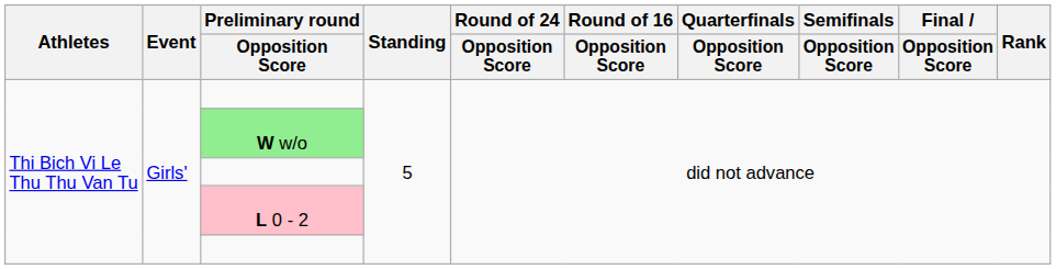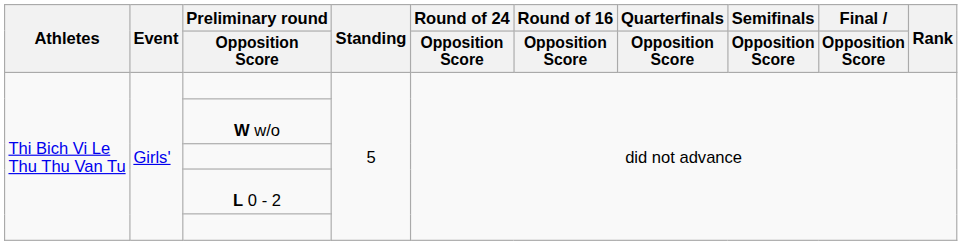 <table class=wikitable style="font-size:90%">
 <tr>
 <th rowspan="2">Athletes</th>
 <th rowspan="2">Event</th>
 <th>Preliminary round</th>
 <th rowspan="2">Standing</th>
 <th>Round of 24</th>
 <th>Round of 16</th>
 <th>Quarterfinals</th>
 <th>Semifinals</th>
 <th>Final / </th>
 <th rowspan=2>Rank</th>
 </tr>
 <tr style="font-size:95%">
 <th>Opposition<br>Score</th>
 <th>Opposition<br>Score</th>
 <th>Opposition<br>Score</th>
 <th>Opposition<br>Score</th>
 <th>Opposition<br>Score</th>
 <th>Opposition<br>Score</th>
 </tr>
 <tr align=center>
 <td align=left rowspan=5><a href='#'>Thi Bich Vi Le</a><br><a href='#'>Thu Thu Van Tu</a></td>
 <td align=left rowspan=5><a href='#'>Girls'</a></td>
 <td><br></td>
 <td rowspan=5>5</td>
 <td rowspan=5 colspan=6>did not advance</td>
 </tr>
 <tr align=center>
-<td style="background: lightgreen;"><br><strong>W</strong> w/o</td>
+<td><br><strong>W</strong> w/o</td>
 </tr>
 <tr align=center>
 <td><br></td>
 </tr>
 <tr align=center>
-<td style="background: pink;"><br><strong>L</strong>  0 - 2</td>
+<td><br><strong>L</strong>  0 - 2</td>
 </tr>
 <tr align=center>
 <td><br></td>
 </tr>
 </table>
